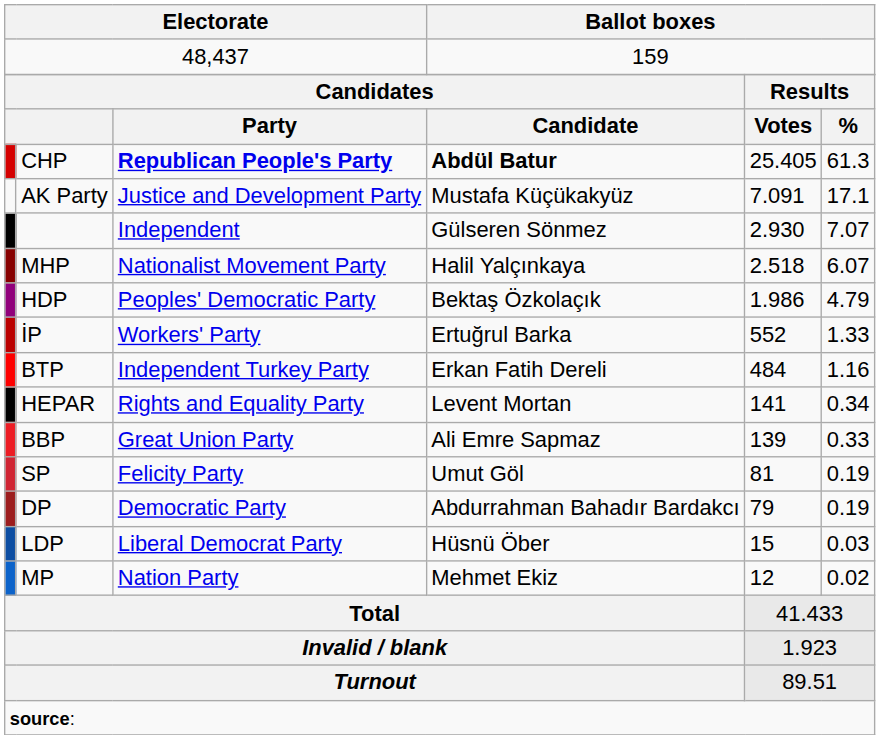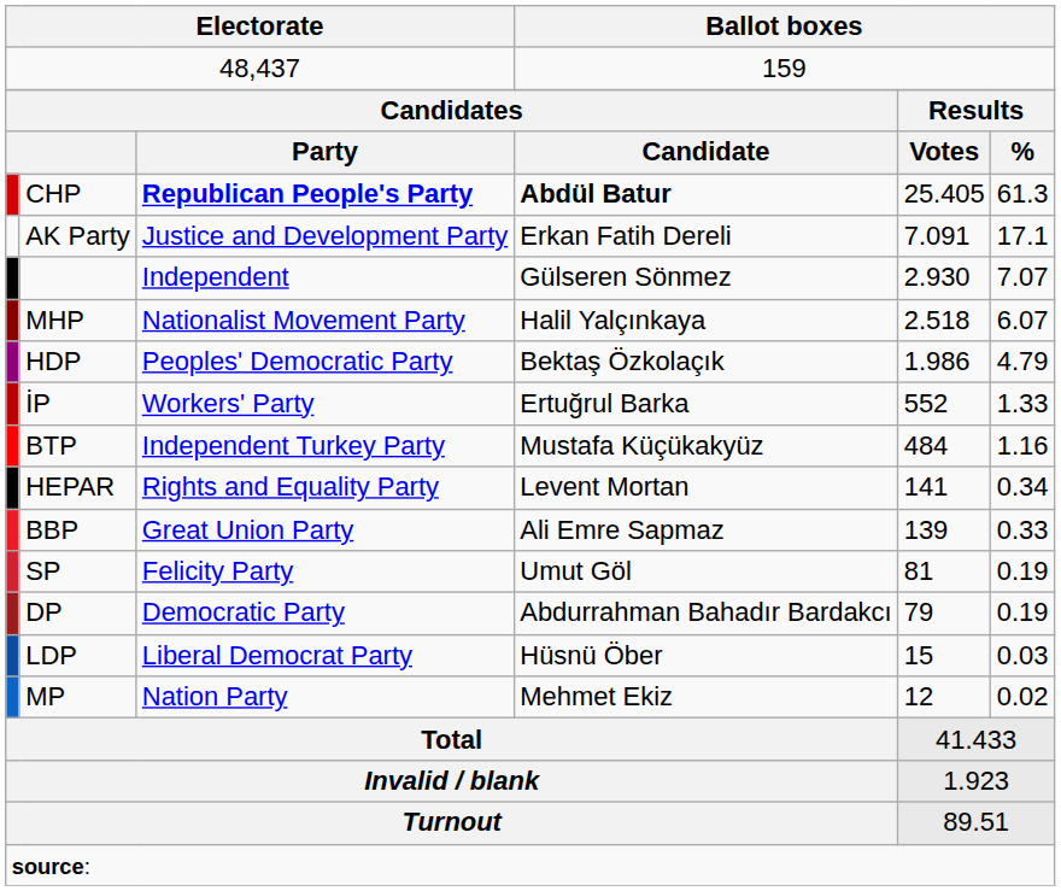 <table class="wikitable">
 <tr style="background-color:#F2F2F2">
 <td align="center" colspan="3"><strong>Electorate</strong></td>
 <td align="center" colspan="7"><strong>Ballot boxes</strong></td>
 </tr>
 <tr align="left">
 <td align="center" colspan="3">48,437</td>
 <td align="center" colspan="7">159</td>
 </tr>
 <tr>
 </tr>
 <tr style="background-color:#E9E9E9">
 </tr>
 <tr>
 <th align="center" colspan="4">Candidates</th>
 <th align="center" colspan="6">Results</th>
 </tr>
 <tr style="background-color:#E9E9E9">
 <th align="center" colspan="2"></th>
 <th align="center">Party</th>
 <th align="center">Candidate</th>
 <th align="center">Votes</th>
 <th align="center">%</th>
 </tr>
 <tr align="left">
 <td bgcolor="#d50000" width=1></td>
 <td>CHP</td>
 <td><strong><a href='#'>Republican People's Party</a></strong></td>
 <td><strong>Abdül Batur</strong></td>
 <td>25.405</td>
 <td>61.3</td>
 </tr>
 <tr align="left">
 <td></td>
 <td>AK Party</td>
 <td><a href='#'>Justice and Development Party</a></td>
-<td>Mustafa Küçükakyüz</td>
+<td>Erkan Fatih Dereli</td>
 <td>7.091</td>
 <td>17.1</td>
 </tr>
 <tr align="left">
 <td bgcolor=" " width=1></td>
 <td></td>
 <td><a href='#'>Independent</a></td>
 <td>Gülseren Sönmez</td>
 <td>2.930</td>
 <td>7.07</td>
 </tr>
 <tr align="left">
 <td bgcolor="#870000" width=1></td>
 <td>MHP</td>
 <td><a href='#'>Nationalist Movement Party</a></td>
 <td>Halil Yalçınkaya</td>
 <td>2.518</td>
 <td>6.07</td>
 </tr>
 <tr align="left">
 <td bgcolor="#91007B" width=1></td>
 <td>HDP</td>
 <td><a href='#'>Peoples' Democratic Party</a></td>
 <td>Bektaş Özkolaçık</td>
 <td>1.986</td>
 <td>4.79</td>
 </tr>
 <tr align="left">
 <td bgcolor="#BB0000" width=1></td>
 <td>İP</td>
 <td><a href='#'>Workers' Party</a></td>
 <td>Ertuğrul Barka</td>
 <td>552</td>
 <td>1.33</td>
 </tr>
 <tr align="left">
 <td bgcolor="#FE0000" width=1></td>
 <td>BTP</td>
 <td><a href='#'>Independent Turkey Party</a></td>
-<td>Erkan Fatih Dereli</td>
+<td>Mustafa Küçükakyüz</td>
 <td>484</td>
 <td>1.16</td>
 </tr>
 <tr align="left">
 <td bgcolor="#000000" width=1></td>
 <td>HEPAR</td>
 <td><a href='#'>Rights and Equality Party</a></td>
 <td>Levent Mortan</td>
 <td>141</td>
 <td>0.34</td>
 </tr>
 <tr align="left">
 <td bgcolor="#ED1C24" width=1></td>
 <td>BBP</td>
 <td><a href='#'>Great Union Party</a></td>
 <td>Ali Emre Sapmaz</td>
 <td>139</td>
 <td>0.33</td>
 </tr>
 <tr align="left">
 <td bgcolor="#D02433" width=1></td>
 <td>SP</td>
 <td><a href='#'>Felicity Party</a></td>
 <td>Umut Göl</td>
 <td>81</td>
 <td>0.19</td>
 </tr>
 <tr align="left">
 <td bgcolor="#9D1D1E" width=1></td>
 <td>DP</td>
 <td><a href='#'>Democratic Party</a></td>
 <td>Abdurrahman Bahadır Bardakcı</td>
 <td>79</td>
 <td>0.19</td>
 </tr>
 <tr align="left">
 <td bgcolor="#0C4DA2" width=1></td>
 <td>LDP</td>
 <td><a href='#'>Liberal Democrat Party</a></td>
 <td>Hüsnü Öber</td>
 <td>15</td>
 <td>0.03</td>
 </tr>
 <tr align="left">
 <td bgcolor="#0C63CA" width=1></td>
 <td>MP</td>
 <td><a href='#'>Nation Party</a></td>
 <td>Mehmet Ekiz</td>
 <td>12</td>
 <td>0.02</td>
 </tr>
 <tr style="background-color:#E9E9E9" align="left">
 <th align="center" colspan="4"><strong>Total</strong></th>
 <td align="center" colspan="5">41.433</td>
 </tr>
 <tr style="background-color:#E9E9E9" align="left">
 <th align="center" colspan="4"><em>Invalid / blank</em></th>
 <td align="center" colspan="5">1.923</td>
 </tr>
 <tr style="background-color:#E9E9E9" align="left">
 <th align="center" colspan="4"><em>Turnout</em></th>
 <td align="center" colspan="5">89.51</td>
 </tr>
 <tr>
 <td align="left" colspan=10><small><strong>source</strong>: </small></td>
 </tr>
 </table>
